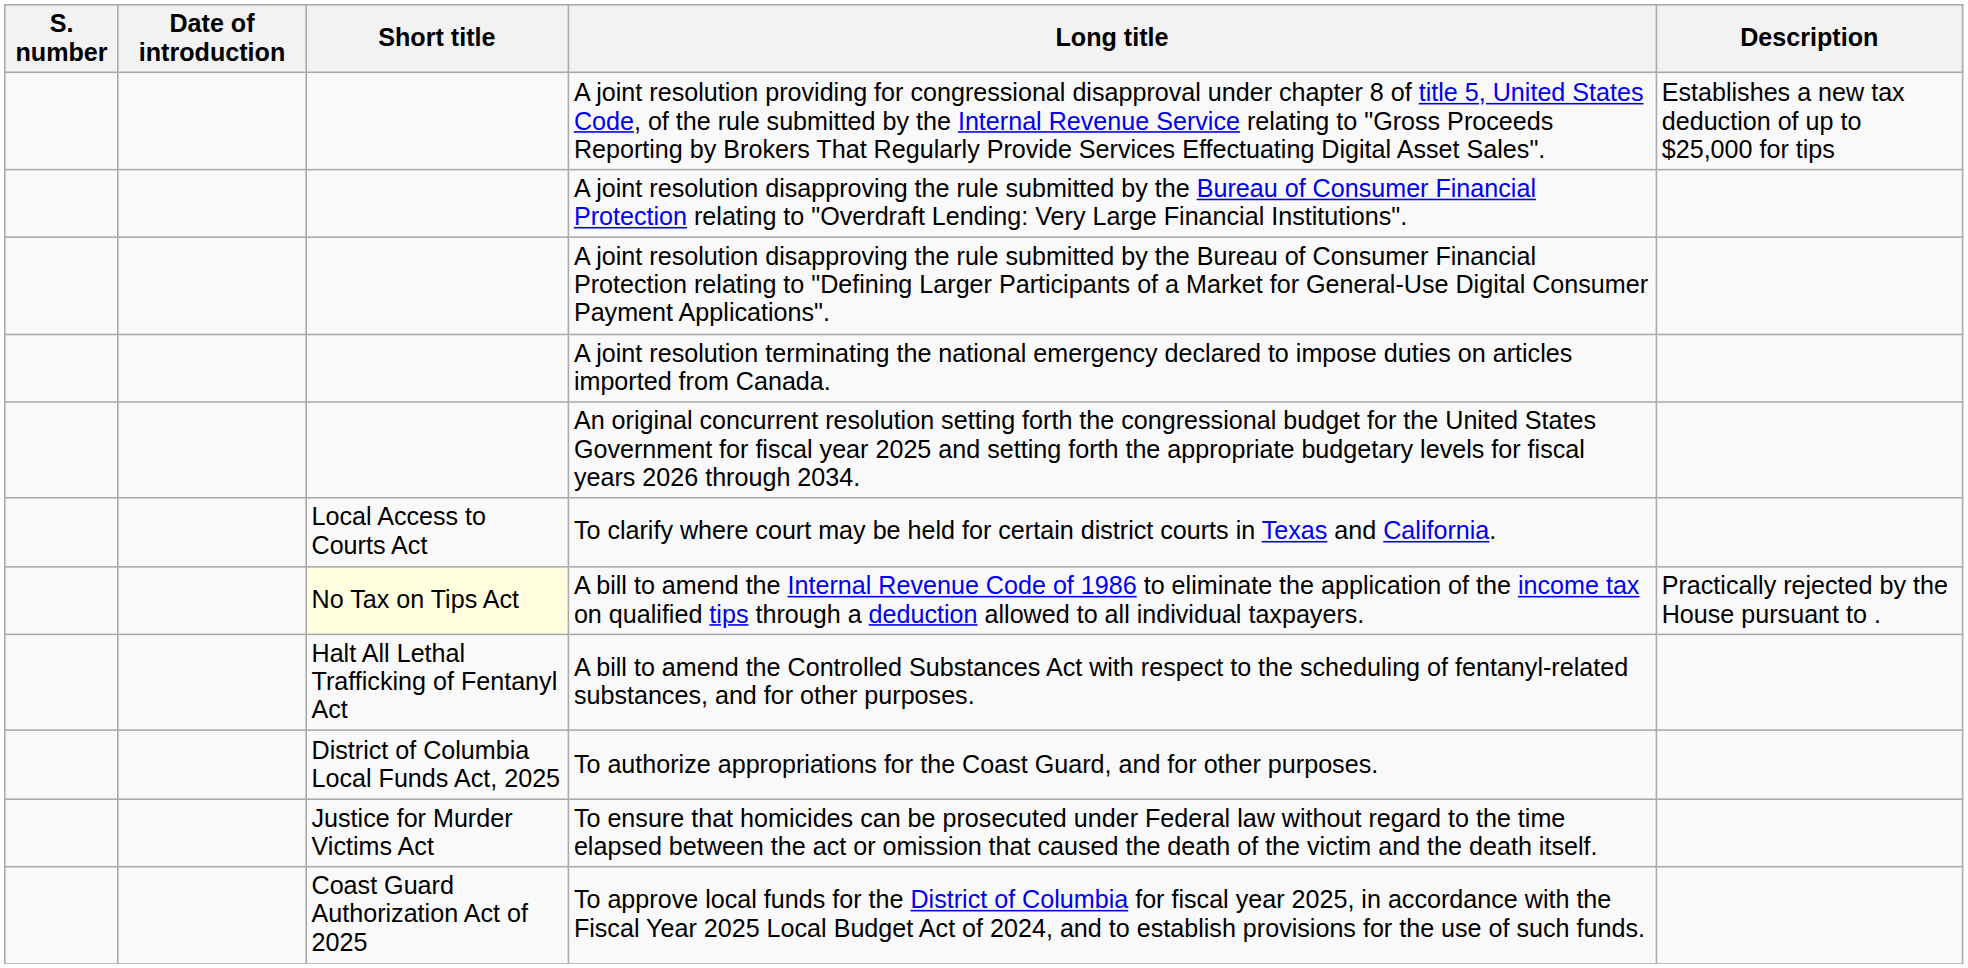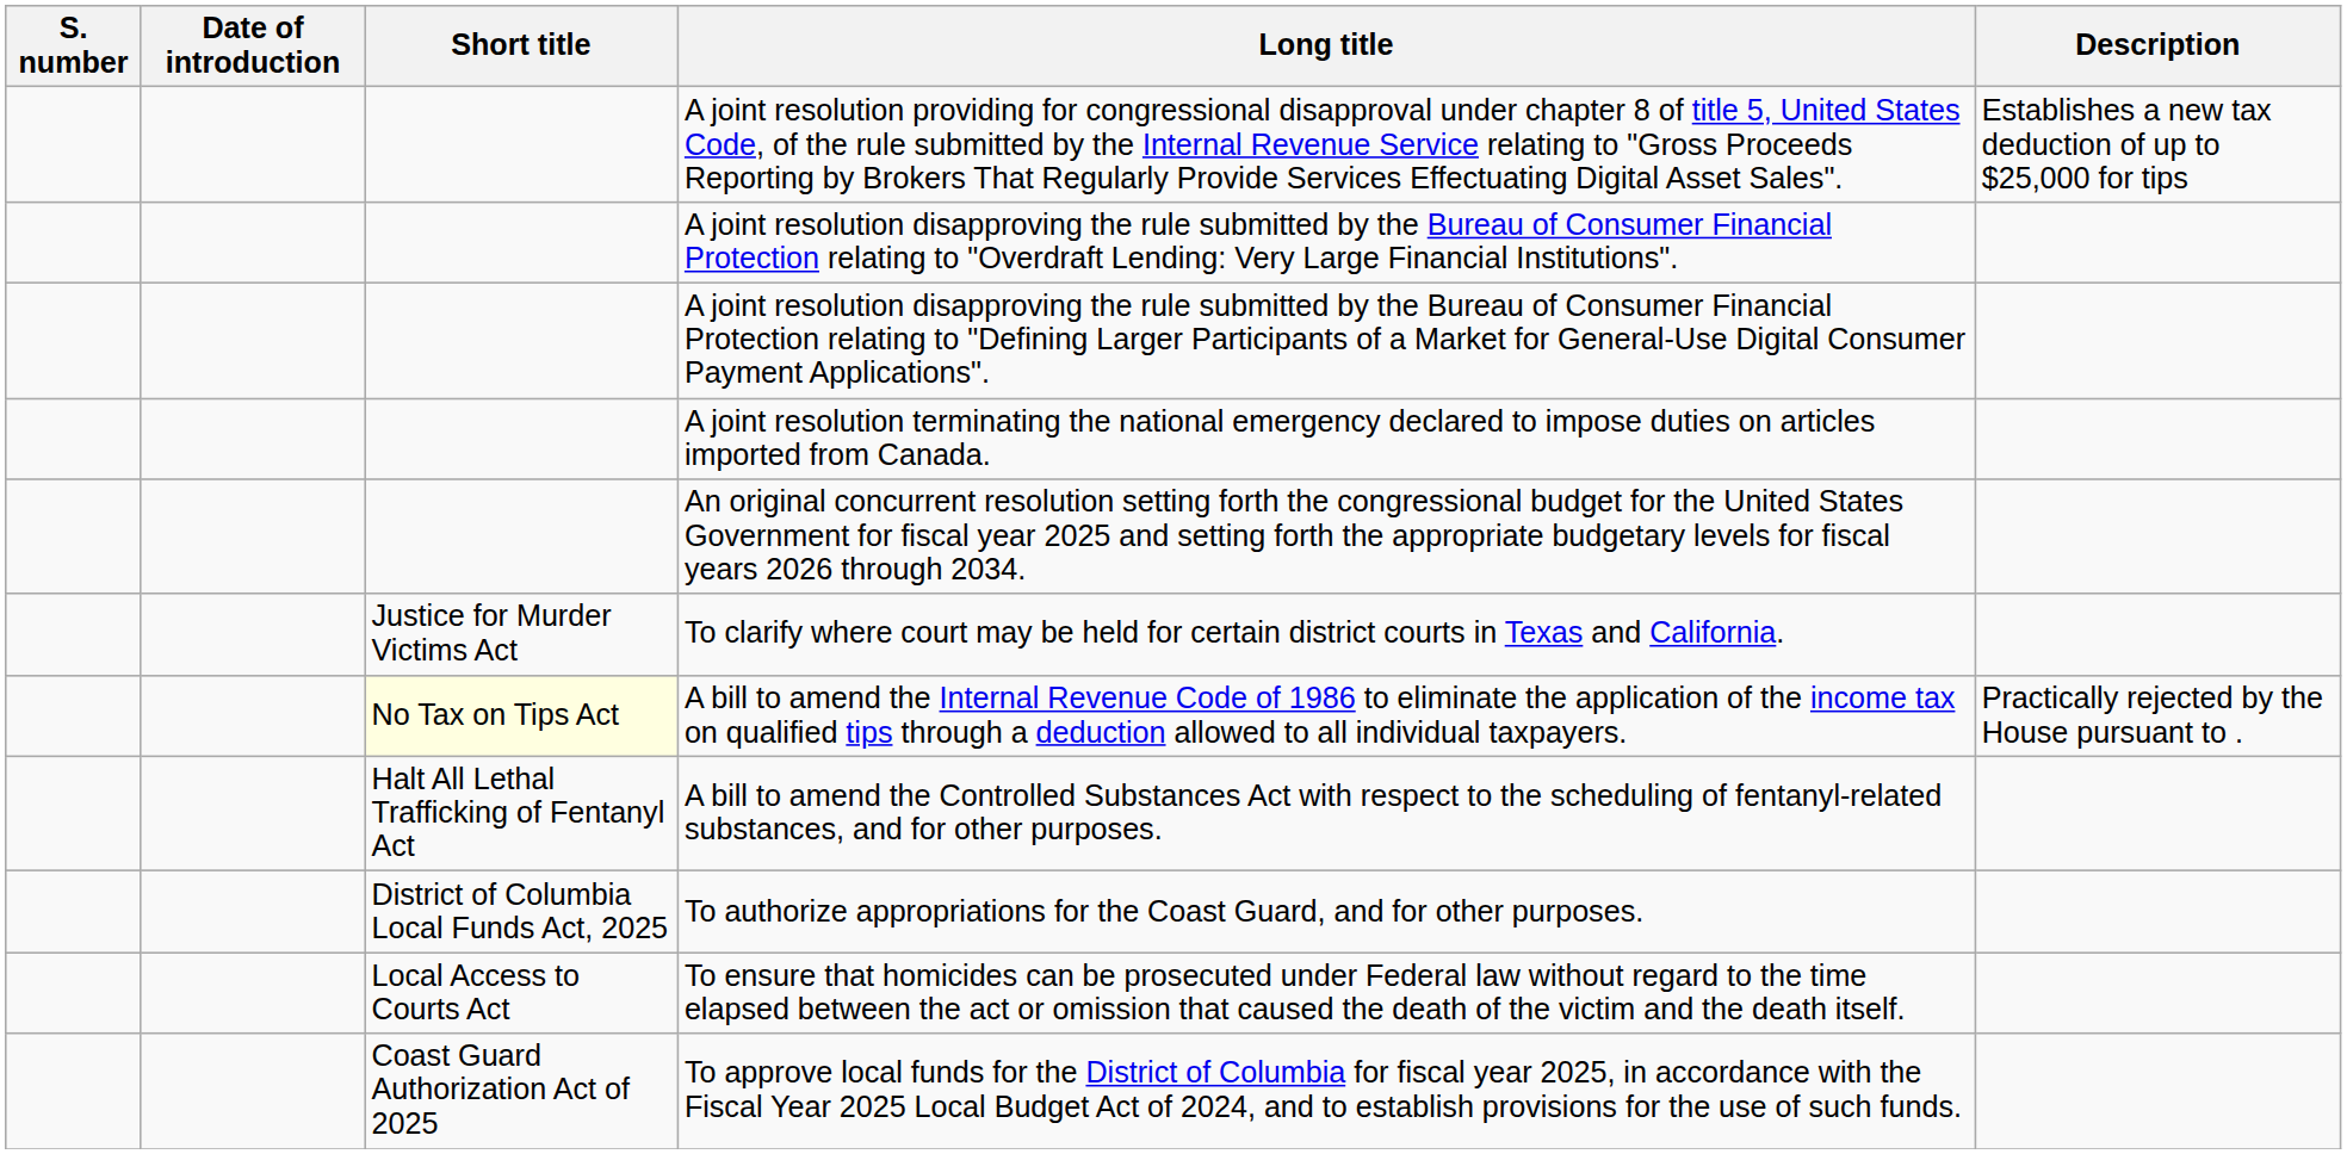 <table class="wikitable">
 <tr>
 <th>S. number</th>
 <th>Date of introduction</th>
 <th>Short title</th>
 <th>Long title</th>
 <th>Description</th>
 </tr>
 <tr>
 <td></td>
 <td></td>
 <td></td>
 <td>A joint resolution providing for congressional disapproval under chapter 8 of <a href='#'>title 5, United States Code</a>, of the rule submitted by the <a href='#'>Internal Revenue Service</a> relating to "Gross Proceeds Reporting by Brokers That Regularly Provide Services Effectuating Digital Asset Sales".</td>
 <td>Establishes a new tax deduction of up to $25,000 for tips</td>
 </tr>
 <tr>
 <td></td>
 <td></td>
 <td></td>
 <td>A joint resolution disapproving the rule submitted by the <a href='#'>Bureau of Consumer Financial Protection</a> relating to "Overdraft Lending: Very Large Financial Institutions".</td>
 <td></td>
 </tr>
 <tr>
 <td></td>
 <td></td>
 <td></td>
 <td>A joint resolution disapproving the rule submitted by the Bureau of Consumer Financial Protection relating to "Defining Larger Participants of a Market for General-Use Digital Consumer Payment Applications".</td>
 <td></td>
 </tr>
 <tr>
 <td></td>
 <td></td>
 <td></td>
 <td>A joint resolution terminating the national emergency declared to impose duties on articles imported from Canada.</td>
 <td></td>
 </tr>
 <tr>
 <td></td>
 <td></td>
 <td></td>
 <td>An original concurrent resolution setting forth the congressional budget for the United States Government for fiscal year 2025 and setting forth the appropriate budgetary levels for fiscal years 2026 through 2034.</td>
 <td></td>
 </tr>
 <tr>
 <td></td>
 <td></td>
-<td>Local Access to Courts Act</td>
+<td>Justice for Murder Victims Act</td>
 <td>To clarify where court may be held for certain district courts in <a href='#'>Texas</a> and <a href='#'>California</a>.</td>
 <td></td>
 </tr>
 <tr>
 <td></td>
 <td></td>
 <td style="background: lightyellow;">No Tax on Tips Act</td>
 <td>A bill to amend the <a href='#'>Internal Revenue Code of 1986</a> to eliminate the application of the <a href='#'>income tax</a> on qualified <a href='#'>tips</a> through a <a href='#'>deduction</a> allowed to all individual taxpayers.</td>
 <td>Practically rejected by the House pursuant to .</td>
 </tr>
 <tr>
 <td></td>
 <td></td>
 <td>Halt All Lethal Trafficking of Fentanyl Act</td>
 <td>A bill to amend the Controlled Substances Act with respect to the scheduling of fentanyl-related substances, and for other purposes.</td>
 <td></td>
 </tr>
 <tr>
 <td></td>
 <td></td>
 <td>District of Columbia Local Funds Act, 2025</td>
 <td>To authorize appropriations for the Coast Guard, and for other purposes.</td>
 <td></td>
 </tr>
 <tr>
 <td></td>
 <td></td>
-<td>Justice for Murder Victims Act</td>
+<td>Local Access to Courts Act</td>
 <td>To ensure that homicides can be prosecuted under Federal law without regard to the time elapsed between the act or omission that caused the death of the victim and the death itself.</td>
 <td></td>
 </tr>
 <tr>
 <td></td>
 <td></td>
 <td>Coast Guard Authorization Act of 2025</td>
 <td>To approve local funds for the <a href='#'>District of Columbia</a> for fiscal year 2025, in accordance with the Fiscal Year 2025 Local Budget Act of 2024, and to establish provisions for the use of such funds.</td>
 <td></td>
 </tr>
 </table>
